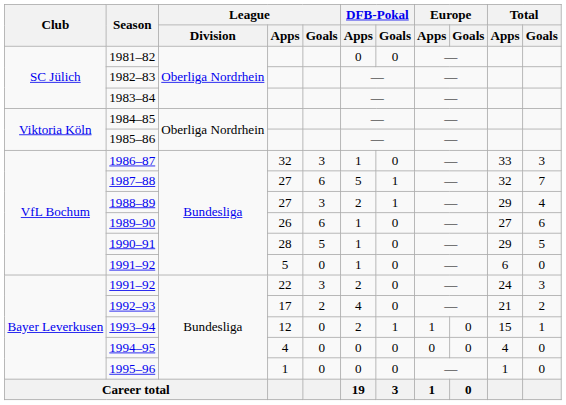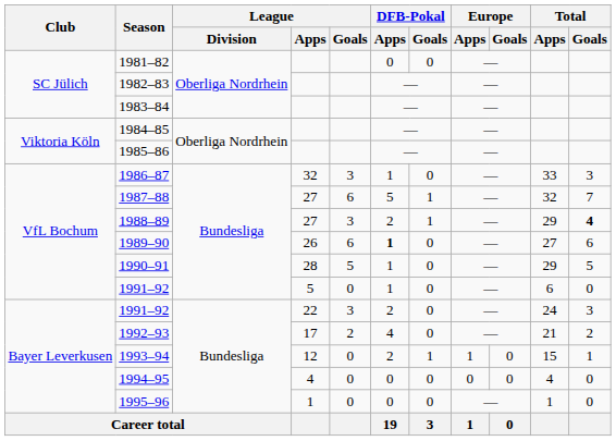 <table class="wikitable" style="text-align:center">
 <tr>
 <th rowspan="2">Club</th>
 <th rowspan="2">Season</th>
 <th colspan="3">League</th>
 <th colspan="2"><a href='#'>DFB-Pokal</a></th>
 <th colspan="2">Europe</th>
 <th colspan="2">Total</th>
 </tr>
 <tr>
 <th>Division</th>
 <th>Apps</th>
 <th>Goals</th>
 <th>Apps</th>
 <th>Goals</th>
 <th>Apps</th>
 <th>Goals</th>
 <th>Apps</th>
 <th>Goals</th>
 </tr>
 <tr>
 <td rowspan="3"><a href='#'>SC Jülich</a></td>
 <td>1981–82</td>
 <td rowspan="3"><a href='#'>Oberliga Nordrhein</a></td>
 <td></td>
 <td></td>
 <td>0</td>
 <td>0</td>
 <td colspan="2">—</td>
 <td></td>
 <td></td>
 </tr>
 <tr>
 <td>1982–83</td>
 <td></td>
 <td></td>
 <td colspan="2">—</td>
 <td colspan="2">—</td>
 <td></td>
 <td></td>
 </tr>
 <tr>
 <td>1983–84</td>
 <td></td>
 <td></td>
 <td colspan="2">—</td>
 <td colspan="2">—</td>
 <td></td>
 <td></td>
 </tr>
 <tr>
 <td rowspan="2"><a href='#'>Viktoria Köln</a></td>
 <td>1984–85</td>
 <td rowspan="2">Oberliga Nordrhein</td>
 <td></td>
 <td></td>
 <td colspan="2">—</td>
 <td colspan="2">—</td>
 <td></td>
 <td></td>
 </tr>
 <tr>
 <td>1985–86</td>
 <td></td>
 <td></td>
 <td colspan="2">—</td>
 <td colspan="2">—</td>
 <td></td>
 <td></td>
 </tr>
 <tr>
 <td rowspan="6"><a href='#'>VfL Bochum</a></td>
 <td><a href='#'>1986–87</a></td>
 <td rowspan="6"><a href='#'>Bundesliga</a></td>
 <td>32</td>
 <td>3</td>
 <td>1</td>
 <td>0</td>
 <td colspan="2">—</td>
 <td>33</td>
 <td>3</td>
 </tr>
 <tr>
 <td><a href='#'>1987–88</a></td>
 <td>27</td>
 <td>6</td>
 <td>5</td>
 <td>1</td>
 <td colspan="2">—</td>
 <td>32</td>
 <td>7</td>
 </tr>
 <tr>
 <td><a href='#'>1988–89</a></td>
 <td>27</td>
 <td>3</td>
 <td>2</td>
 <td>1</td>
 <td colspan="2">—</td>
 <td>29</td>
-<td>4</td>
+<td><strong>4</strong></td>
 </tr>
 <tr>
 <td><a href='#'>1989–90</a></td>
 <td>26</td>
 <td>6</td>
-<td>1</td>
+<td><strong>1</strong></td>
 <td>0</td>
 <td colspan="2">—</td>
 <td>27</td>
 <td>6</td>
 </tr>
 <tr>
 <td><a href='#'>1990–91</a></td>
 <td>28</td>
 <td>5</td>
 <td>1</td>
 <td>0</td>
 <td colspan="2">—</td>
 <td>29</td>
 <td>5</td>
 </tr>
 <tr>
 <td><a href='#'>1991–92</a></td>
 <td>5</td>
 <td>0</td>
 <td>1</td>
 <td>0</td>
 <td colspan="2">—</td>
 <td>6</td>
 <td>0</td>
 </tr>
 <tr>
 <td rowspan="5"><a href='#'>Bayer Leverkusen</a></td>
 <td><a href='#'>1991–92</a></td>
 <td rowspan="5">Bundesliga</td>
 <td>22</td>
 <td>3</td>
 <td>2</td>
 <td>0</td>
 <td colspan="2">—</td>
 <td>24</td>
 <td>3</td>
 </tr>
 <tr>
 <td><a href='#'>1992–93</a></td>
 <td>17</td>
 <td>2</td>
 <td>4</td>
 <td>0</td>
 <td colspan="2">—</td>
 <td>21</td>
 <td>2</td>
 </tr>
 <tr>
 <td><a href='#'>1993–94</a></td>
 <td>12</td>
 <td>0</td>
 <td>2</td>
 <td>1</td>
 <td>1</td>
 <td>0</td>
 <td>15</td>
 <td>1</td>
 </tr>
 <tr>
 <td><a href='#'>1994–95</a></td>
 <td>4</td>
 <td>0</td>
 <td>0</td>
 <td>0</td>
 <td>0</td>
 <td>0</td>
 <td>4</td>
 <td>0</td>
 </tr>
 <tr>
 <td><a href='#'>1995–96</a></td>
 <td>1</td>
 <td>0</td>
 <td>0</td>
 <td>0</td>
 <td colspan="2">—</td>
 <td>1</td>
 <td>0</td>
 </tr>
 <tr>
 <th colspan="3">Career total</th>
 <th></th>
 <th></th>
 <th>19</th>
 <th>3</th>
 <th>1</th>
 <th>0</th>
 <th></th>
 <th></th>
 </tr>
 </table>
